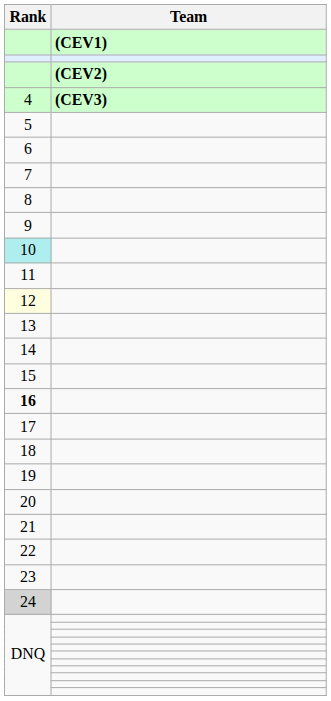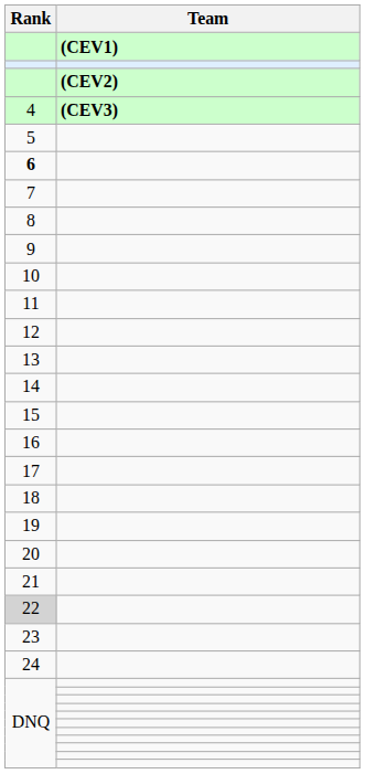 <table class="wikitable" style="text-align: center;">
 <tr>
 <th style="width: 40px;">Rank</th>
 <th style="width: 270px;">Team</th>
 </tr>
 <tr bgcolor=#ccffcc>
 <td></td>
 <td style="text-align:left;"><strong> (CEV1)</strong></td>
 </tr>
 <tr bgcolor=#dfefff>
 <td></td>
 <td style="text-align:left;"></td>
 </tr>
 <tr bgcolor=#ccffcc>
 <td></td>
 <td style="text-align:left;"><strong> (CEV2)</strong></td>
 </tr>
 <tr bgcolor=#ccffcc>
 <td>4</td>
 <td style="text-align:left;"><strong> (CEV3)</strong></td>
 </tr>
 <tr>
 <td>5</td>
 <td style="text-align:left;"></td>
 </tr>
 <tr>
-<td>6</td>
+<td><strong>6</strong></td>
 <td style="text-align:left;"></td>
 </tr>
 <tr>
 <td>7</td>
 <td style="text-align:left;"></td>
 </tr>
 <tr>
 <td>8</td>
 <td style="text-align:left;"></td>
 </tr>
 <tr>
 <td>9</td>
 <td style="text-align:left;"></td>
 </tr>
 <tr>
-<td style="background: paleturquoise;">10</td>
+<td>10</td>
 <td style="text-align:left;"></td>
 </tr>
 <tr>
 <td>11</td>
 <td style="text-align:left;"></td>
 </tr>
 <tr>
-<td style="background: lightyellow;">12</td>
+<td>12</td>
 <td style="text-align:left;"></td>
 </tr>
 <tr>
 <td>13</td>
 <td style="text-align:left;"></td>
 </tr>
 <tr>
 <td>14</td>
 <td style="text-align:left;"></td>
 </tr>
 <tr>
 <td>15</td>
 <td style="text-align:left;"></td>
 </tr>
 <tr>
-<td><strong>16</strong></td>
+<td>16</td>
 <td style="text-align:left;"></td>
 </tr>
 <tr>
 <td>17</td>
 <td style="text-align:left;"></td>
 </tr>
 <tr>
 <td>18</td>
 <td style="text-align:left;"></td>
 </tr>
 <tr>
 <td>19</td>
 <td style="text-align:left;"></td>
 </tr>
 <tr>
 <td>20</td>
 <td style="text-align:left;"></td>
 </tr>
 <tr>
 <td>21</td>
 <td style="text-align:left;"></td>
 </tr>
 <tr>
-<td>22</td>
+<td style="background: lightgrey;">22</td>
 <td style="text-align:left;"></td>
 </tr>
 <tr>
 <td>23</td>
 <td style="text-align:left;"></td>
 </tr>
 <tr>
-<td style="background: lightgrey;">24</td>
+<td>24</td>
 <td style="text-align:left;"></td>
 </tr>
 <tr>
 <td rowspan="11">DNQ</td>
 <td style="text-align:left;"></td>
 </tr>
 <tr>
 <td style="text-align:left;"></td>
 </tr>
 <tr>
 <td style="text-align:left;"></td>
 </tr>
 <tr>
 <td style="text-align:left;"></td>
 </tr>
 <tr>
 <td style="text-align:left;"></td>
 </tr>
 <tr>
 <td style="text-align:left;"></td>
 </tr>
 <tr>
 <td style="text-align:left;"></td>
 </tr>
 <tr>
 <td style="text-align:left;"></td>
 </tr>
 <tr>
 <td style="text-align:left;"></td>
 </tr>
 <tr>
 <td style="text-align:left;"></td>
 </tr>
 <tr>
 <td style="text-align:left;"></td>
 </tr>
 </table>
